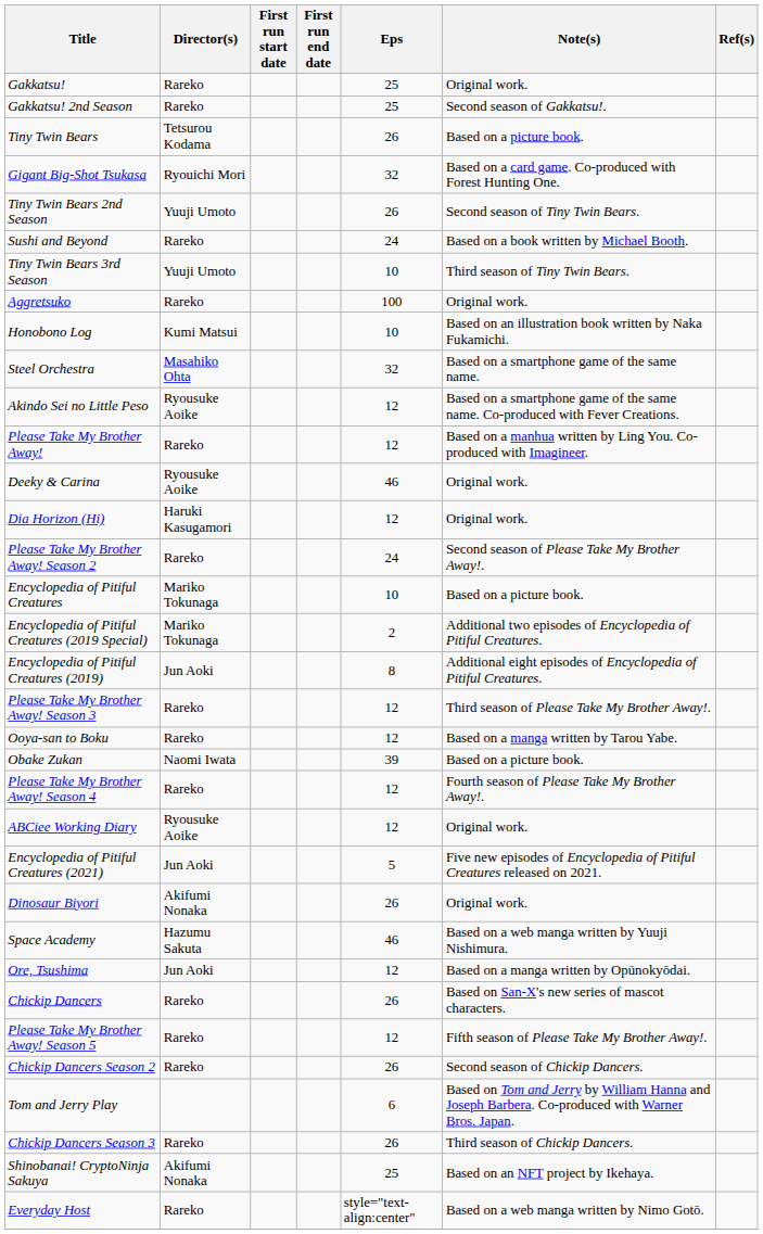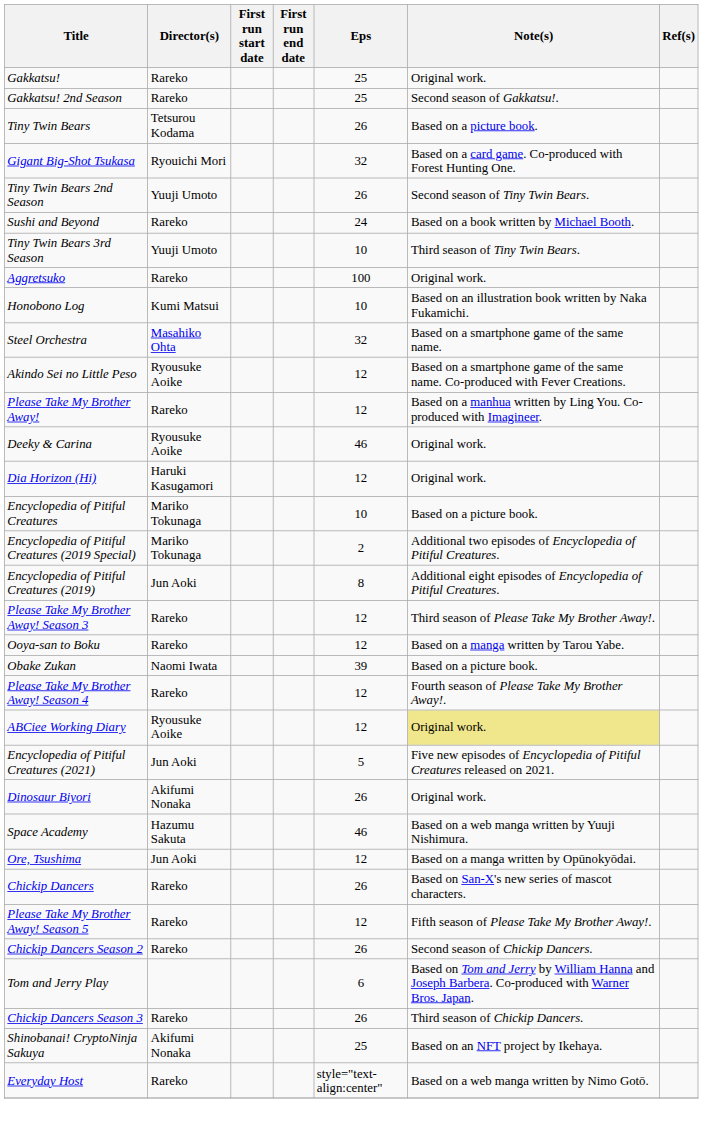 <table class="wikitable sortable">
 <tr>
 <th scope="col">Title</th>
 <th scope="col">Director(s)</th>
 <th scope="col">First run<br>start date</th>
 <th scope="col">First run<br>end date</th>
 <th scope="col" class="unsortable">Eps</th>
 <th scope="col" class="unsortable">Note(s)</th>
 <th scope="col" class="unsortable">Ref(s)</th>
 </tr>
 <tr>
 <td><em>Gakkatsu!</em></td>
 <td>Rareko</td>
 <td></td>
 <td></td>
 <td style="text-align:center">25</td>
 <td>Original work.</td>
 <td style="text-align:center"></td>
 </tr>
 <tr>
 <td><em>Gakkatsu! 2nd Season</em></td>
 <td>Rareko</td>
 <td></td>
 <td></td>
 <td style="text-align:center">25</td>
 <td>Second season of <em>Gakkatsu!</em>.</td>
 <td style="text-align:center"></td>
 </tr>
 <tr>
 <td><em>Tiny Twin Bears</em></td>
 <td>Tetsurou Kodama</td>
 <td></td>
 <td></td>
 <td style="text-align:center">26</td>
 <td>Based on a <a href='#'>picture book</a>.</td>
 <td style="text-align:center"></td>
 </tr>
 <tr>
 <td><em><a href='#'>Gigant Big-Shot Tsukasa</a></em></td>
 <td>Ryouichi Mori</td>
 <td></td>
 <td></td>
 <td style="text-align:center">32</td>
 <td>Based on a <a href='#'>card game</a>. Co-produced with Forest Hunting One.</td>
 <td style="text-align:center"></td>
 </tr>
 <tr>
 <td><em>Tiny Twin Bears 2nd Season</em></td>
 <td>Yuuji Umoto</td>
 <td></td>
 <td></td>
 <td style="text-align:center">26</td>
 <td>Second season of <em>Tiny Twin Bears</em>.</td>
 <td style="text-align:center"></td>
 </tr>
 <tr>
 <td><em>Sushi and Beyond</em></td>
 <td>Rareko</td>
 <td></td>
 <td></td>
 <td style="text-align:center">24</td>
 <td>Based on a book written by <a href='#'>Michael Booth</a>.</td>
 <td style="text-align:center"></td>
 </tr>
 <tr>
 <td><em>Tiny Twin Bears 3rd Season</em></td>
 <td>Yuuji Umoto</td>
 <td></td>
 <td></td>
 <td style="text-align:center">10</td>
 <td>Third season of <em>Tiny Twin Bears</em>.</td>
 <td style="text-align:center"></td>
 </tr>
 <tr>
 <td><em><a href='#'>Aggretsuko</a></em></td>
 <td>Rareko</td>
 <td></td>
 <td></td>
 <td style="text-align:center">100</td>
 <td>Original work.</td>
 <td style="text-align:center"></td>
 </tr>
 <tr>
 <td><em>Honobono Log</em></td>
 <td>Kumi Matsui</td>
 <td></td>
 <td></td>
 <td style="text-align:center">10</td>
 <td>Based on an illustration book written by Naka Fukamichi.</td>
 <td style="text-align:center"></td>
 </tr>
 <tr>
 <td><em>Steel Orchestra</em></td>
 <td><a href='#'>Masahiko Ohta</a></td>
 <td></td>
 <td></td>
 <td style="text-align:center">32</td>
 <td>Based on a smartphone game of the same name.</td>
 <td style="text-align:center"></td>
 </tr>
 <tr>
 <td><em>Akindo Sei no Little Peso</em></td>
 <td>Ryousuke Aoike</td>
 <td></td>
 <td></td>
 <td style="text-align:center">12</td>
 <td>Based on a smartphone game of the same name. Co-produced with Fever Creations.</td>
 <td style="text-align:center"></td>
 </tr>
 <tr>
 <td><em><a href='#'>Please Take My Brother Away!</a></em></td>
 <td>Rareko</td>
 <td></td>
 <td></td>
 <td style="text-align:center">12</td>
 <td>Based on a <a href='#'>manhua</a> written by Ling You. Co-produced with <a href='#'>Imagineer</a>.</td>
 <td style="text-align:center"></td>
 </tr>
 <tr>
 <td><em>Deeky & Carina</em></td>
 <td>Ryousuke Aoike</td>
 <td></td>
 <td></td>
 <td style="text-align:center">46</td>
 <td>Original work.</td>
 <td style="text-align:center"></td>
 </tr>
 <tr>
 <td><em><a href='#'>Dia Horizon (Hi)</a></em></td>
 <td>Haruki Kasugamori</td>
 <td></td>
 <td></td>
 <td style="text-align:center">12</td>
 <td>Original work.</td>
 <td style="text-align:center"></td>
 </tr>
 <tr>
-<td><em><a href='#'>Please Take My Brother Away! Season 2</a></em></td>
-<td>Rareko</td>
-<td></td>
-<td></td>
-<td style="text-align:center">24</td>
-<td>Second season of <em>Please Take My Brother Away!</em>.</td>
-<td style="text-align:center"></td>
-</tr>
-<tr>
 <td><em>Encyclopedia of Pitiful Creatures</em></td>
 <td>Mariko Tokunaga</td>
 <td></td>
 <td></td>
 <td style="text-align:center">10</td>
 <td>Based on a picture book.</td>
 <td style="text-align:center"></td>
 </tr>
 <tr>
 <td><em>Encyclopedia of Pitiful Creatures (2019 Special)</em></td>
 <td>Mariko Tokunaga</td>
 <td></td>
 <td></td>
 <td style="text-align:center">2</td>
 <td>Additional two episodes of <em>Encyclopedia of Pitiful Creatures</em>.</td>
 <td style="text-align:center"></td>
 </tr>
 <tr>
 <td><em>Encyclopedia of Pitiful Creatures (2019)</em></td>
 <td>Jun Aoki</td>
 <td></td>
 <td></td>
 <td style="text-align:center">8</td>
 <td>Additional eight episodes of <em>Encyclopedia of Pitiful Creatures</em>.</td>
 <td style="text-align:center"></td>
 </tr>
 <tr>
 <td><em><a href='#'>Please Take My Brother Away! Season 3</a></em></td>
 <td>Rareko</td>
 <td></td>
 <td></td>
 <td style="text-align:center">12</td>
 <td>Third season of <em>Please Take My Brother Away!</em>.</td>
 <td style="text-align:center"></td>
 </tr>
 <tr>
 <td><em>Ooya-san to Boku</em></td>
 <td>Rareko</td>
 <td></td>
 <td></td>
 <td style="text-align:center">12</td>
 <td>Based on a <a href='#'>manga</a> written by Tarou Yabe.</td>
 <td style="text-align:center"></td>
 </tr>
 <tr>
 <td><em>Obake Zukan</em></td>
 <td>Naomi Iwata</td>
 <td></td>
 <td></td>
 <td style="text-align:center">39</td>
 <td>Based on a picture book.</td>
 <td style="text-align:center"></td>
 </tr>
 <tr>
 <td><em><a href='#'>Please Take My Brother Away! Season 4</a></em></td>
 <td>Rareko</td>
 <td></td>
 <td></td>
 <td style="text-align:center">12</td>
 <td>Fourth season of <em>Please Take My Brother Away!</em>.</td>
 <td style="text-align:center"></td>
 </tr>
 <tr>
 <td><em><a href='#'>ABCiee Working Diary</a></em></td>
 <td>Ryousuke Aoike</td>
 <td></td>
 <td></td>
 <td style="text-align:center">12</td>
-<td>Original work.</td>
+<td style="background: khaki;">Original work.</td>
 <td style="text-align:center"></td>
 </tr>
 <tr>
 <td><em>Encyclopedia of Pitiful Creatures (2021)</em></td>
 <td>Jun Aoki</td>
 <td></td>
 <td></td>
 <td style="text-align:center">5</td>
 <td>Five new episodes of <em>Encyclopedia of Pitiful Creatures</em> released on 2021.</td>
 <td style="text-align:center"></td>
 </tr>
 <tr>
 <td><em><a href='#'>Dinosaur Biyori</a></em></td>
 <td>Akifumi Nonaka</td>
 <td></td>
 <td></td>
 <td style="text-align:center">26</td>
 <td>Original work.</td>
 <td style="text-align:center"></td>
 </tr>
 <tr>
 <td><em>Space Academy</em></td>
 <td>Hazumu Sakuta</td>
 <td></td>
 <td></td>
 <td style="text-align:center">46</td>
 <td>Based on a web manga written by Yuuji Nishimura.</td>
 <td style="text-align:center"></td>
 </tr>
 <tr>
 <td><em><a href='#'>Ore, Tsushima</a></em></td>
 <td>Jun Aoki</td>
 <td></td>
 <td></td>
 <td style="text-align:center">12</td>
 <td>Based on a manga written by Opūnokyōdai.</td>
 <td style="text-align:center"></td>
 </tr>
 <tr>
 <td><em><a href='#'>Chickip Dancers</a></em></td>
 <td>Rareko</td>
 <td></td>
 <td></td>
 <td style="text-align:center">26</td>
 <td>Based on <a href='#'>San-X</a>'s new series of mascot characters.</td>
 <td style="text-align:center"></td>
 </tr>
 <tr>
 <td><em><a href='#'>Please Take My Brother Away! Season 5</a></em></td>
 <td>Rareko</td>
 <td></td>
 <td></td>
 <td style="text-align:center">12</td>
 <td>Fifth season of <em>Please Take My Brother Away!</em>.</td>
 <td style="text-align:center"></td>
 </tr>
 <tr>
 <td><em><a href='#'>Chickip Dancers Season 2</a></em></td>
 <td>Rareko</td>
 <td></td>
 <td></td>
 <td style="text-align:center">26</td>
 <td>Second season of <em>Chickip Dancers</em>.</td>
 <td style="text-align:center"></td>
 </tr>
 <tr>
 <td><em>Tom and Jerry Play</em></td>
 <td></td>
 <td></td>
 <td></td>
 <td style="text-align:center">6</td>
 <td>Based on <em><a href='#'>Tom and Jerry</a></em> by <a href='#'>William Hanna</a> and <a href='#'>Joseph Barbera</a>. Co-produced with <a href='#'>Warner Bros. Japan</a>.</td>
 <td style="text-align:center"></td>
 </tr>
 <tr>
 <td><em><a href='#'>Chickip Dancers Season 3</a></em></td>
 <td>Rareko</td>
 <td></td>
 <td></td>
 <td style="text-align:center">26</td>
 <td>Third season of <em>Chickip Dancers</em>.</td>
 <td style="text-align:center"></td>
 </tr>
 <tr>
 <td><em>Shinobanai! CryptoNinja Sakuya</em></td>
 <td>Akifumi Nonaka</td>
 <td></td>
 <td></td>
 <td style="text-align:center">25</td>
 <td>Based on an <a href='#'>NFT</a> project by Ikehaya.</td>
 <td style="text-align:center"></td>
 </tr>
 <tr>
 <td><em><a href='#'>Everyday Host</a></em></td>
 <td>Rareko</td>
 <td></td>
 <td></td>
 <td>style="text-align:center" </td>
 <td>Based on a web manga written by Nimo Gotō.</td>
 <td style="text-align:center"></td>
 </tr>
 <tr>
 </tr>
 </table>
